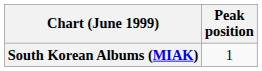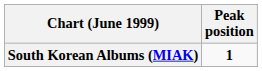 <table class="wikitable plainrowheaders">
 <tr>
 <th>Chart (June 1999)</th>
 <th>Peak<br>position</th>
 </tr>
 <tr>
 <th scope="row">South Korean Albums (<a href='#'>MIAK</a>)</th>
-<td style="text-align:center;">1</td>
+<td style="text-align:center;"><strong>1</strong></td>
 </tr>
 </table>
